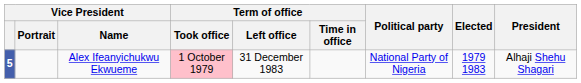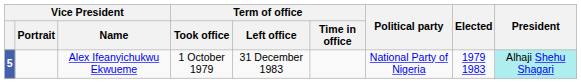 <table class="wikitable" style="text-align:center">
 <tr>
 <th colspan=3>Vice President</th>
 <th colspan=3>Term of office</th>
 <th rowspan=2>Political party</th>
 <th rowspan="2">Elected</th>
 <th rowspan=2>President</th>
 </tr>
 <tr>
 <th></th>
 <th>Portrait</th>
 <th>Name<br></th>
 <th>Took office</th>
 <th>Left office</th>
 <th>Time in office</th>
 </tr>
 <tr>
 <th style="background:#445FAC; color:white;">5</th>
 <td></td>
 <td><a href='#'>Alex Ifeanyichukwu Ekwueme</a><br></td>
-<td style="background: pink;">1 October 1979</td>
+<td>1 October 1979</td>
 <td>31 December 1983<br></td>
 <td></td>
 <td><a href='#'>National Party of Nigeria</a></td>
 <td><a href='#'>1979</a><br><a href='#'>1983</a></td>
-<td>Alhaji <a href='#'>Shehu Shagari</a></td>
+<td style="background: paleturquoise;">Alhaji <a href='#'>Shehu Shagari</a></td>
 </tr>
 </table>
